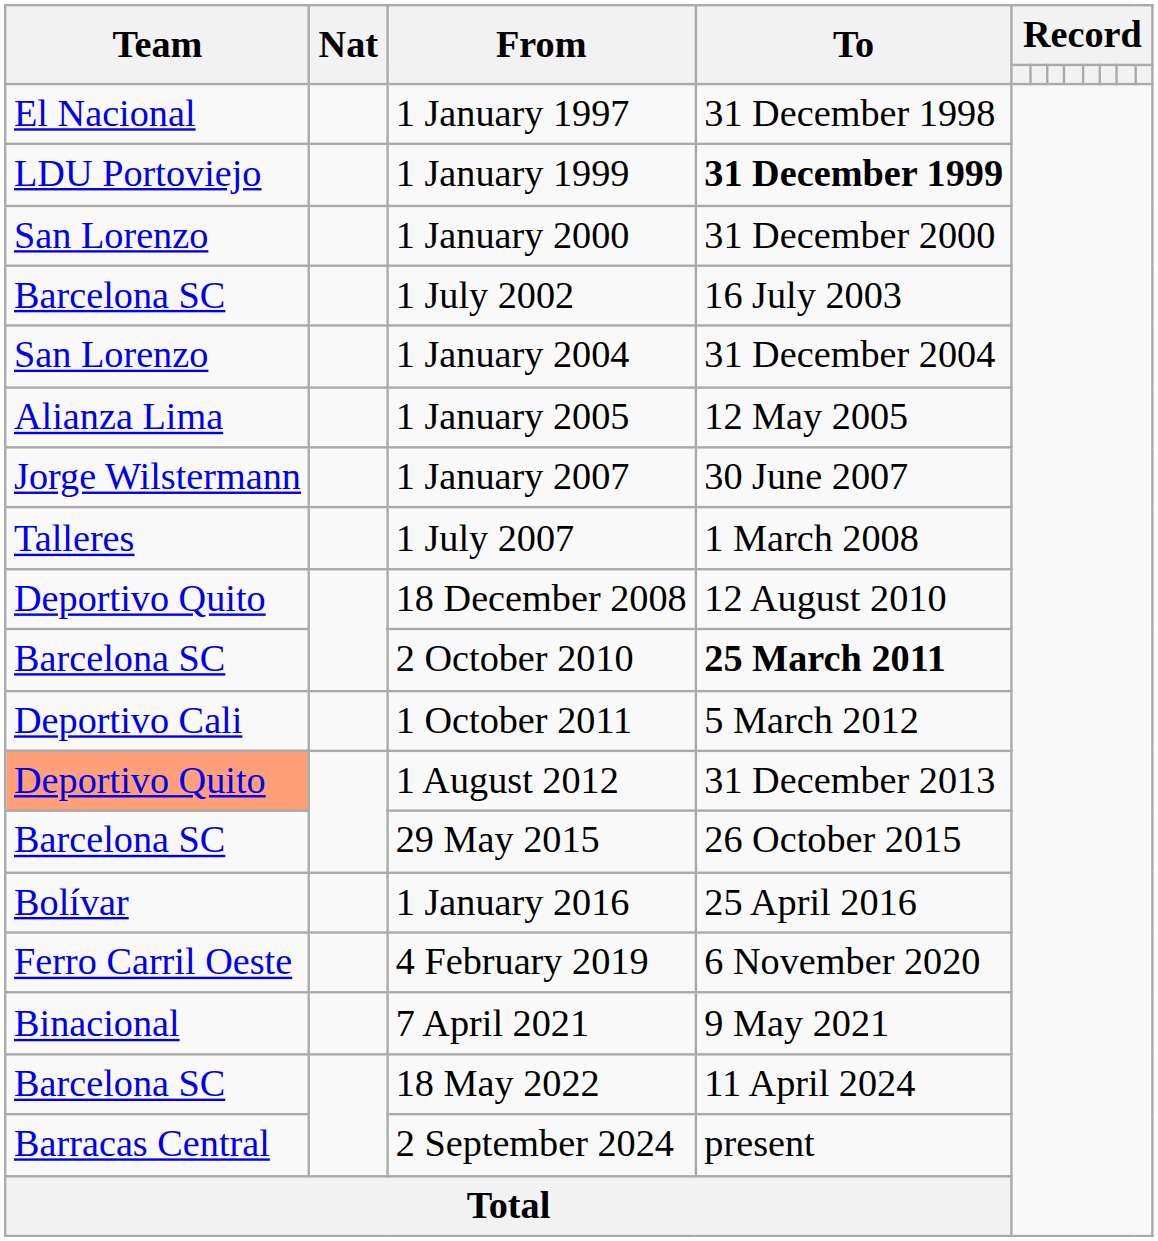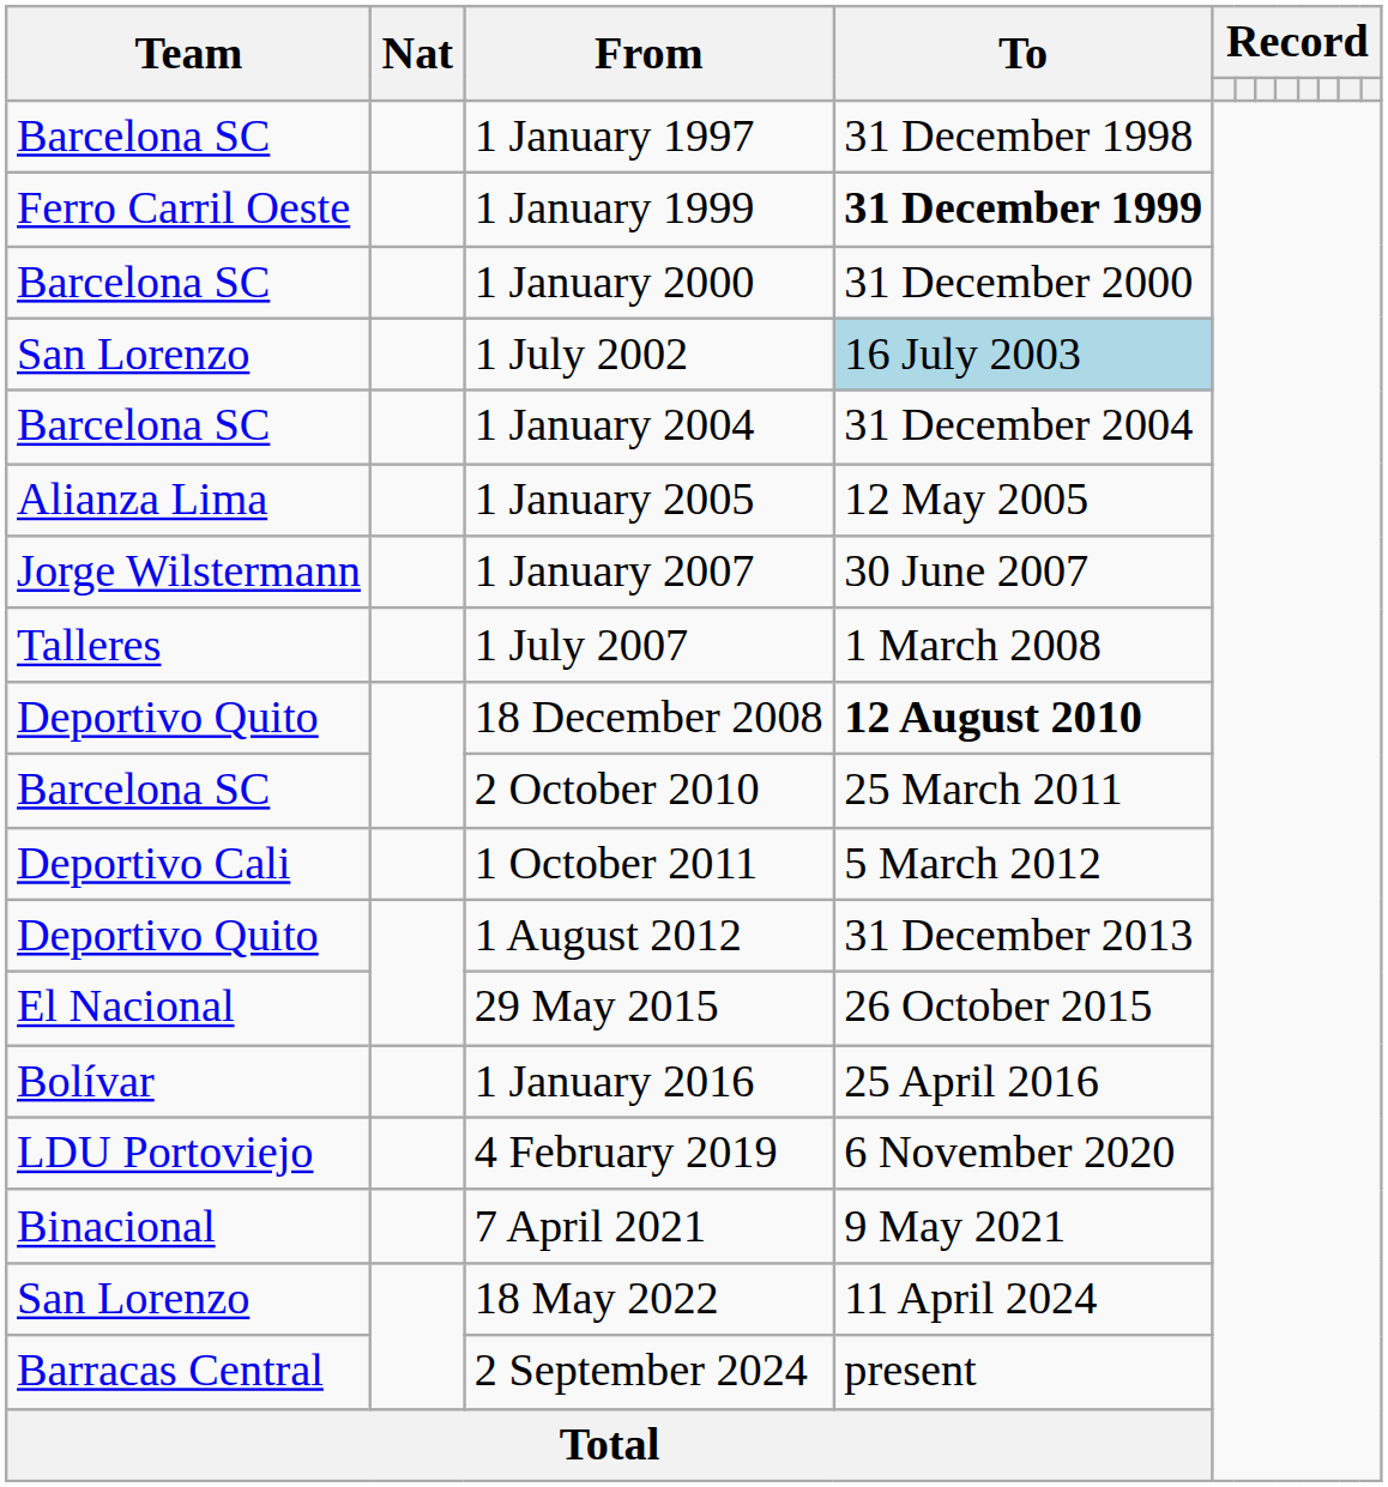 <table class="wikitable" style="text-align: center">
 <tr>
 <th rowspan="2">Team</th>
 <th rowspan="2">Nat</th>
 <th rowspan="2">From</th>
 <th rowspan="2">To</th>
 <th colspan="8">Record</th>
 </tr>
 <tr>
 <th></th>
 <th></th>
 <th></th>
 <th></th>
 <th></th>
 <th></th>
 <th></th>
 <th></th>
 </tr>
 <tr>
-<td align=left><a href='#'>El Nacional</a></td>
+<td align=left><a href='#'>Barcelona SC</a></td>
 <td></td>
 <td align=left>1 January 1997</td>
 <td align=left>31 December 1998<br></td>
 </tr>
 <tr>
-<td align=left><a href='#'>LDU Portoviejo</a></td>
+<td align=left><a href='#'>Ferro Carril Oeste</a></td>
 <td></td>
 <td align=left>1 January 1999</td>
 <td align=left><strong>31 December 1999<br></strong></td>
 </tr>
 <tr>
-<td align=left><a href='#'>San Lorenzo</a></td>
+<td align=left><a href='#'>Barcelona SC</a></td>
 <td></td>
 <td align=left>1 January 2000</td>
 <td align=left>31 December 2000<br></td>
 </tr>
 <tr>
-<td align=left><a href='#'>Barcelona SC</a></td>
+<td align=left><a href='#'>San Lorenzo</a></td>
 <td></td>
 <td align=left>1 July 2002</td>
-<td align=left>16 July 2003<br></td>
+<td align=left style="background: lightblue;">16 July 2003<br></td>
 </tr>
 <tr>
-<td align=left><a href='#'>San Lorenzo</a></td>
+<td align=left><a href='#'>Barcelona SC</a></td>
 <td></td>
 <td align=left>1 January 2004</td>
 <td align=left>31 December 2004<br></td>
 </tr>
 <tr>
 <td align=left><a href='#'>Alianza Lima</a></td>
 <td></td>
 <td align=left>1 January 2005</td>
 <td align=left>12 May 2005<br></td>
 </tr>
 <tr>
 <td align=left><a href='#'>Jorge Wilstermann</a></td>
 <td></td>
 <td align=left>1 January 2007</td>
 <td align=left>30 June 2007<br></td>
 </tr>
 <tr>
 <td align=left><a href='#'>Talleres</a></td>
 <td></td>
 <td align=left>1 July 2007</td>
 <td align=left>1 March 2008<br></td>
 </tr>
 <tr>
 <td align=left><a href='#'>Deportivo Quito</a></td>
 <td rowspan="2"></td>
 <td align=left>18 December 2008</td>
-<td align=left>12 August 2010<br></td>
+<td align=left><strong>12 August 2010<br></strong></td>
 </tr>
 <tr>
 <td align=left><a href='#'>Barcelona SC</a></td>
 <td align=left>2 October 2010</td>
-<td align=left><strong>25 March 2011<br></strong></td>
+<td align=left>25 March 2011<br></td>
 </tr>
 <tr>
 <td align=left><a href='#'>Deportivo Cali</a></td>
 <td></td>
 <td align=left>1 October 2011</td>
 <td align=left>5 March 2012<br></td>
 </tr>
 <tr>
-<td align=left style="background: lightsalmon;"><a href='#'>Deportivo Quito</a></td>
+<td align=left><a href='#'>Deportivo Quito</a></td>
 <td rowspan="2"></td>
 <td align=left>1 August 2012</td>
 <td align=left>31 December 2013<br></td>
 </tr>
 <tr>
-<td align=left><a href='#'>Barcelona SC</a></td>
+<td align=left><a href='#'>El Nacional</a></td>
 <td align=left>29 May 2015</td>
 <td align=left>26 October 2015<br></td>
 </tr>
 <tr>
 <td align=left><a href='#'>Bolívar</a></td>
 <td></td>
 <td align=left>1 January 2016</td>
 <td align=left>25 April 2016<br></td>
 </tr>
 <tr>
-<td align=left><a href='#'>Ferro Carril Oeste</a></td>
+<td align=left><a href='#'>LDU Portoviejo</a></td>
 <td></td>
 <td align=left>4 February 2019</td>
 <td align=left>6 November 2020<br></td>
 </tr>
 <tr>
 <td align=left><a href='#'>Binacional</a></td>
 <td></td>
 <td align=left>7 April 2021</td>
 <td align=left>9 May 2021<br></td>
 </tr>
 <tr>
-<td align=left><a href='#'>Barcelona SC</a></td>
+<td align=left><a href='#'>San Lorenzo</a></td>
 <td rowspan="2"></td>
 <td align=left>18 May 2022</td>
 <td align=left>11 April 2024<br></td>
 </tr>
 <tr>
 <td align=left><a href='#'>Barracas Central</a></td>
 <td align=left>2 September 2024</td>
 <td align=left>present<br></td>
 </tr>
 <tr align=center>
 <th colspan="4">Total<br></th>
 </tr>
 </table>
